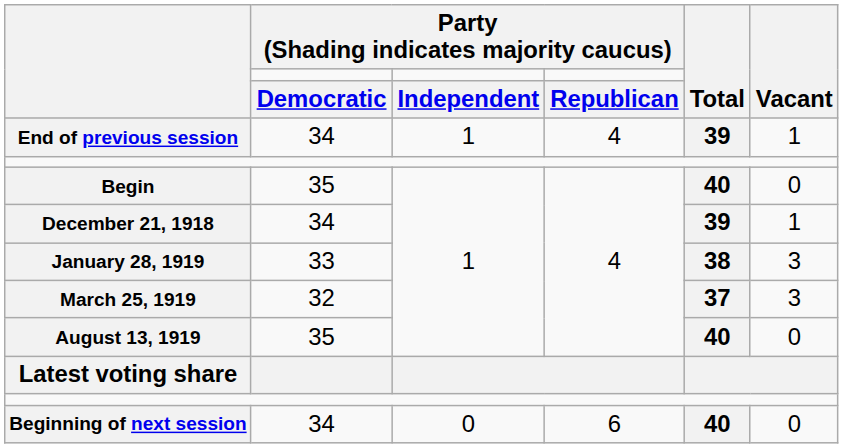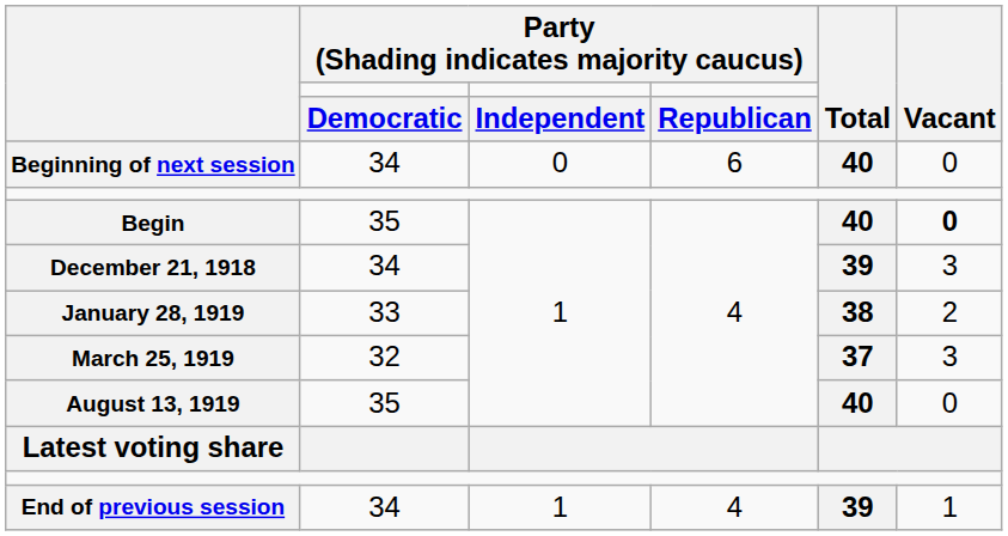 <table class=wikitable style="text-align:center">
 <tr style="vertical-align:bottom;">
 <th rowspan=3></th>
 <th colspan=3>Party <div>(Shading indicates majority caucus)</div></th>
 <th rowspan=3>Total</th>
 <th rowspan=3>Vacant</th>
 </tr>
 <tr style="height:5px">
 <td style="background-color:"></td>
 <td style="background-color:"></td>
 <td style="background-color:"></td>
 </tr>
 <tr>
 <th><a href='#'>Democratic</a></th>
 <th><a href='#'>Independent</a></th>
 <th><a href='#'>Republican</a></th>
 </tr>
 <tr>
-<th nowrap style="font-size:80%">End of <a href='#'>previous session</a></th>
+<th style="white-space:nowrap; font-size:80%;">Beginning of <a href='#'>next session</a></th>
 <td>34</td>
-<td>1</td>
-<td>4</td>
-<th>39</th>
-<td>1</td>
+<td>0</td>
+<td>6</td>
+<th>40</th>
+<td>0</td>
 </tr>
 <tr>
 <td colspan=6></td>
 </tr>
 <tr>
 <th style="font-size:80%">Begin</th>
 <td>35</td>
 <td rowspan=5>1</td>
 <td rowspan=5>4</td>
 <th>40</th>
-<td>0</td>
+<td><strong>0</strong></td>
 </tr>
 <tr>
 <th style="font-size:80%">December 21, 1918 </th>
 <td>34</td>
 <th>39</th>
-<td>1</td>
+<td>3</td>
 </tr>
 <tr>
 <th style="font-size:80%">January 28, 1919 </th>
 <td>33</td>
 <th>38</th>
-<td>3</td>
+<td>2</td>
 </tr>
 <tr>
 <th style="font-size:80%">March 25, 1919 </th>
 <td>32</td>
 <th>37</th>
 <td>3</td>
 </tr>
 <tr>
 <th style="font-size:80%">August 13, 1919 </th>
 <td>35</td>
 <th>40</th>
 <td>0</td>
 </tr>
 <tr>
 <th>Latest voting share</th>
 <th></th>
 <th colspan=2></th>
 <th colspan=2></th>
 </tr>
 <tr>
 <td colspan=6></td>
 </tr>
 <tr>
-<th style="white-space:nowrap; font-size:80%;">Beginning of <a href='#'>next session</a></th>
+<th nowrap style="font-size:80%">End of <a href='#'>previous session</a></th>
 <td>34</td>
-<td>0</td>
-<td>6</td>
-<th>40</th>
-<td>0</td>
+<td>1</td>
+<td>4</td>
+<th>39</th>
+<td>1</td>
 </tr>
 </table>
